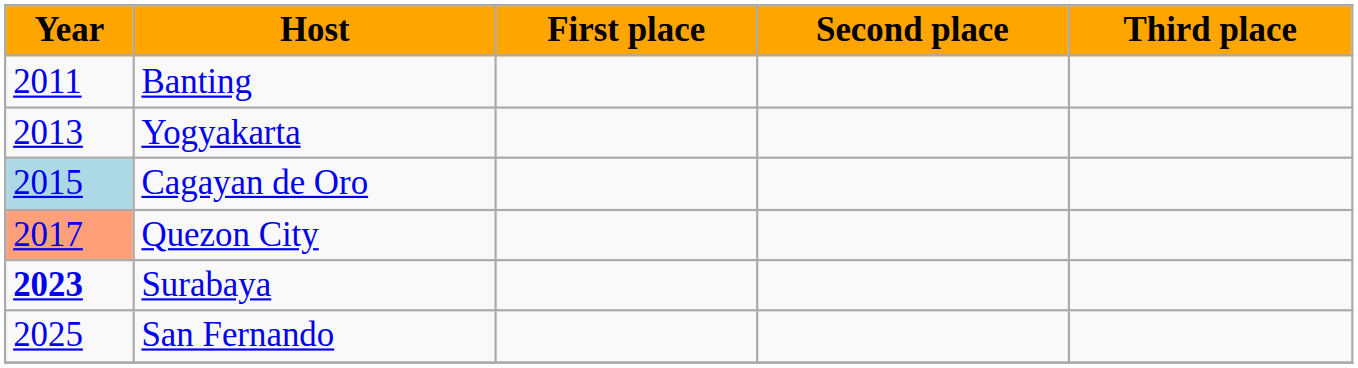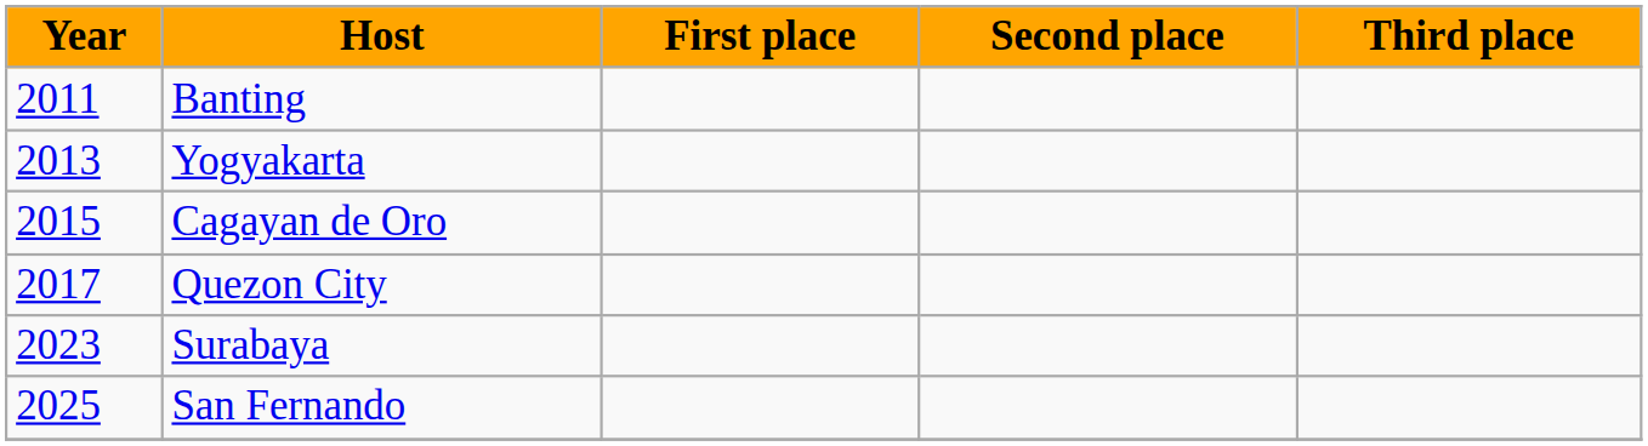 <table class="wikitable" style="text-align:left; line-height:16px; width:70%;">
 <tr>
 <th style="background:#ffa500;">Year</th>
 <th style="background:#ffa500;">Host</th>
 <th style="background:#ffa500;">First place</th>
 <th style="background:#ffa500;">Second place</th>
 <th style="background:#ffa500;">Third place</th>
 </tr>
 <tr>
 <td><a href='#'>2011</a></td>
 <td> <a href='#'>Banting</a></td>
 <td></td>
 <td></td>
 <td></td>
 </tr>
 <tr>
 <td><a href='#'>2013</a></td>
 <td> <a href='#'>Yogyakarta</a></td>
 <td></td>
 <td></td>
 <td></td>
 </tr>
 <tr>
-<td style="background: lightblue;"><a href='#'>2015</a></td>
+<td><a href='#'>2015</a></td>
 <td> <a href='#'>Cagayan de Oro</a></td>
 <td></td>
 <td></td>
 <td></td>
 </tr>
 <tr>
-<td style="background: lightsalmon;"><a href='#'>2017</a></td>
+<td><a href='#'>2017</a></td>
 <td> <a href='#'>Quezon City</a></td>
 <td></td>
 <td></td>
 <td></td>
 </tr>
 <tr>
-<td><strong><a href='#'>2023</a></strong></td>
+<td><a href='#'>2023</a></td>
 <td> <a href='#'>Surabaya</a></td>
 <td></td>
 <td></td>
 <td></td>
 </tr>
 <tr>
 <td><a href='#'>2025</a></td>
 <td> <a href='#'>San Fernando</a></td>
 <td></td>
 <td></td>
 <td></td>
 </tr>
 <tr>
 </tr>
 </table>
